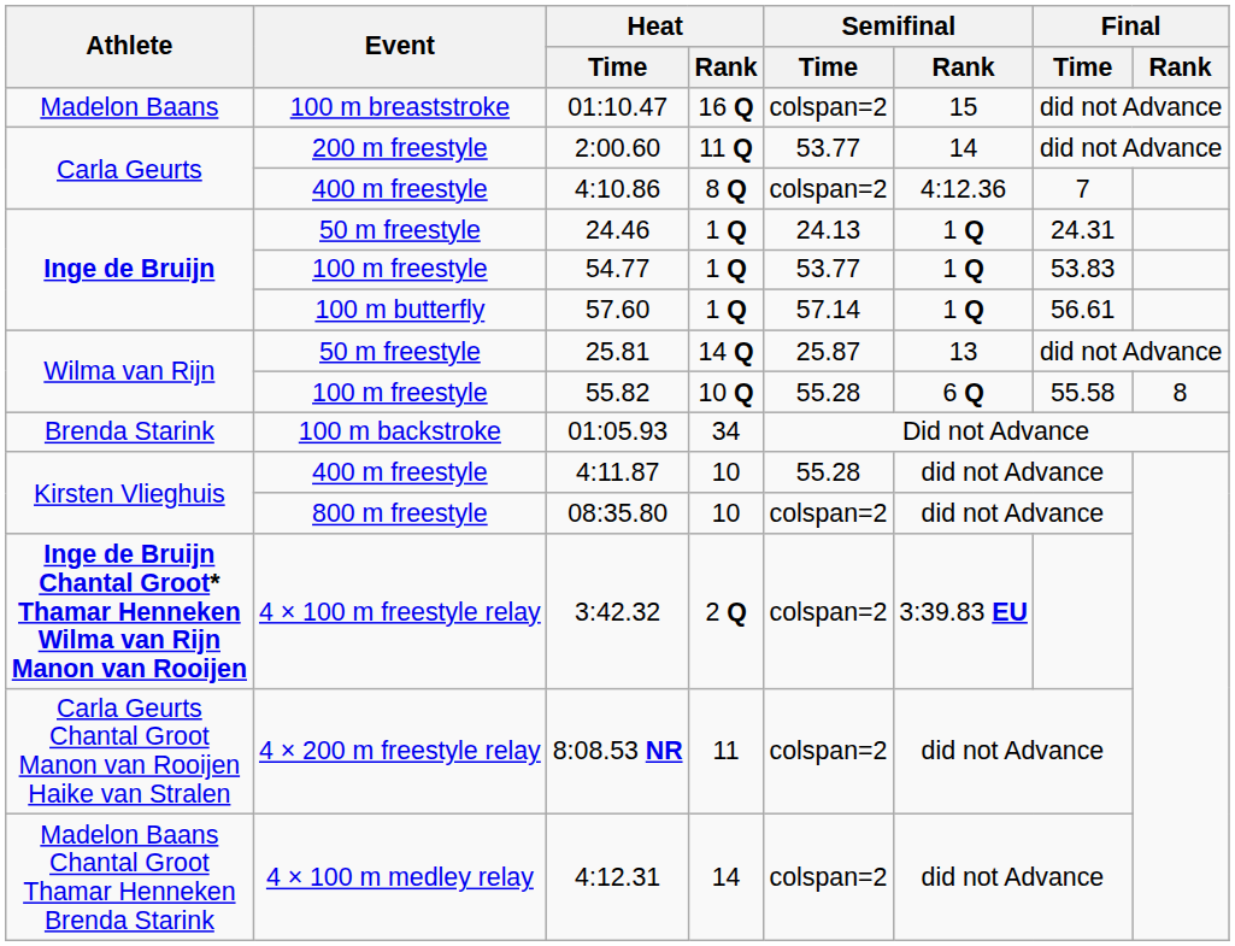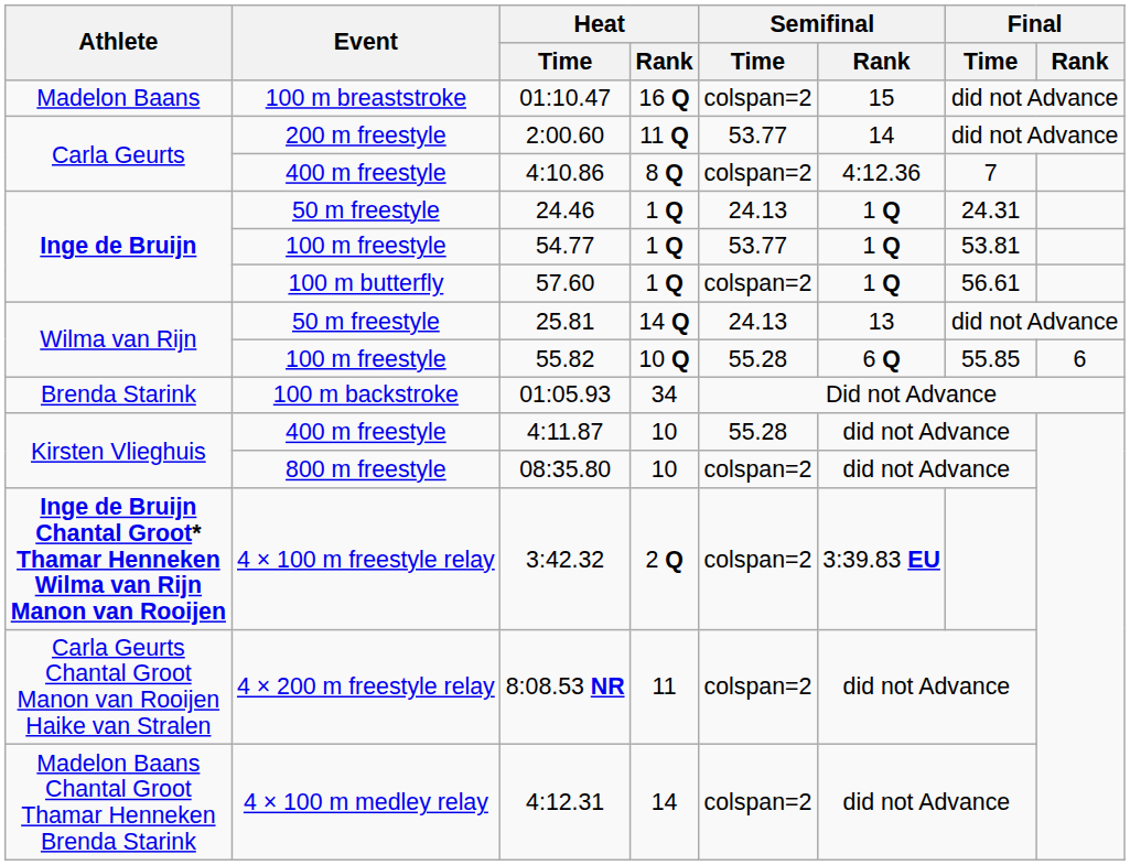 <table class=wikitable style="font-size:90%">
 <tr>
 <th rowspan=2>Athlete</th>
 <th rowspan=2>Event</th>
 <th colspan=2>Heat</th>
 <th colspan=2>Semifinal</th>
 <th colspan=2>Final</th>
 </tr>
 <tr>
 <th>Time</th>
 <th>Rank</th>
 <th>Time</th>
 <th>Rank</th>
 <th>Time</th>
 <th>Rank</th>
 </tr>
 <tr align=center>
 <td><a href='#'>Madelon Baans</a></td>
 <td><a href='#'>100 m breaststroke</a></td>
 <td>01:10.47</td>
 <td>16 <strong>Q</strong></td>
 <td>colspan=2 </td>
 <td>15</td>
 <td colspan=2>did not Advance</td>
 </tr>
 <tr align=center>
 <td rowspan=2><a href='#'>Carla Geurts</a></td>
 <td><a href='#'>200 m freestyle</a></td>
 <td>2:00.60</td>
 <td>11 <strong>Q</strong></td>
 <td>53.77 </td>
 <td>14</td>
 <td colspan=2>did not Advance</td>
 </tr>
 <tr align=center>
 <td><a href='#'>400 m freestyle</a></td>
 <td>4:10.86</td>
 <td>8 <strong>Q</strong></td>
 <td>colspan=2 </td>
 <td>4:12.36</td>
 <td>7</td>
 </tr>
 <tr align=center>
 <td rowspan=3><strong><a href='#'>Inge de Bruijn</a></strong></td>
 <td><a href='#'>50 m freestyle</a></td>
 <td>24.46</td>
 <td>1 <strong>Q</strong></td>
 <td>24.13 </td>
 <td>1 <strong>Q</strong></td>
 <td>24.31</td>
 <td></td>
 </tr>
 <tr align=center>
 <td><a href='#'>100 m freestyle</a></td>
 <td>54.77</td>
 <td>1 <strong>Q</strong></td>
 <td>53.77 </td>
 <td>1 <strong>Q</strong></td>
-<td>53.83</td>
+<td>53.81</td>
 <td></td>
 </tr>
 <tr align=center>
 <td><a href='#'>100 m butterfly</a></td>
 <td>57.60</td>
 <td>1 <strong>Q</strong></td>
-<td>57.14 </td>
+<td>colspan=2 </td>
 <td>1 <strong>Q</strong></td>
 <td>56.61 </td>
 <td></td>
 </tr>
 <tr align=center>
 <td rowspan=2><a href='#'>Wilma van Rijn</a></td>
 <td><a href='#'>50 m freestyle</a></td>
 <td>25.81</td>
 <td>14 <strong>Q</strong></td>
-<td>25.87</td>
+<td>24.13 </td>
 <td>13</td>
 <td colspan=2>did not Advance</td>
 </tr>
 <tr align=center>
 <td><a href='#'>100 m freestyle</a></td>
 <td>55.82</td>
 <td>10 <strong>Q</strong></td>
 <td>55.28</td>
 <td>6 <strong>Q</strong></td>
-<td>55.58</td>
-<td>8</td>
+<td>55.85</td>
+<td>6</td>
 </tr>
 <tr align=center>
 <td><a href='#'>Brenda Starink</a></td>
 <td><a href='#'>100 m backstroke</a></td>
 <td>01:05.93</td>
 <td>34</td>
 <td colspan=4>Did not Advance</td>
 </tr>
 <tr align=center>
 <td rowspan=2><a href='#'>Kirsten Vlieghuis</a></td>
 <td><a href='#'>400 m freestyle</a></td>
 <td>4:11.87</td>
 <td>10</td>
 <td>55.28</td>
 <td colspan=2>did not Advance</td>
 </tr>
 <tr align=center>
 <td><a href='#'>800 m freestyle</a></td>
 <td>08:35.80</td>
 <td>10</td>
 <td>colspan=2 </td>
 <td colspan=2>did not Advance</td>
 </tr>
 <tr align=center>
 <td><strong><a href='#'>Inge de Bruijn</a><br><a href='#'>Chantal Groot</a>*<br><a href='#'>Thamar Henneken</a><br><a href='#'>Wilma van Rijn</a><br><a href='#'>Manon van Rooijen</a></strong></td>
 <td><a href='#'>4 × 100 m freestyle relay</a></td>
 <td>3:42.32</td>
 <td>2 <strong>Q</strong></td>
 <td>colspan=2 </td>
 <td>3:39.83 <strong><a href='#'>EU</a></strong></td>
 <td></td>
 </tr>
 <tr align=center>
 <td><a href='#'>Carla Geurts</a><br><a href='#'>Chantal Groot</a><br><a href='#'>Manon van Rooijen</a><br><a href='#'>Haike van Stralen</a></td>
 <td><a href='#'>4 × 200 m freestyle relay</a></td>
 <td>8:08.53 <strong><a href='#'>NR</a></strong></td>
 <td>11</td>
 <td>colspan=2 </td>
 <td colspan=2>did not Advance</td>
 </tr>
 <tr align=center>
 <td><a href='#'>Madelon Baans</a><br><a href='#'>Chantal Groot</a><br><a href='#'>Thamar Henneken</a><br><a href='#'>Brenda Starink</a></td>
 <td><a href='#'>4 × 100 m medley relay</a></td>
 <td>4:12.31</td>
 <td>14</td>
 <td>colspan=2 </td>
 <td colspan=2>did not Advance</td>
 </tr>
 </table>
